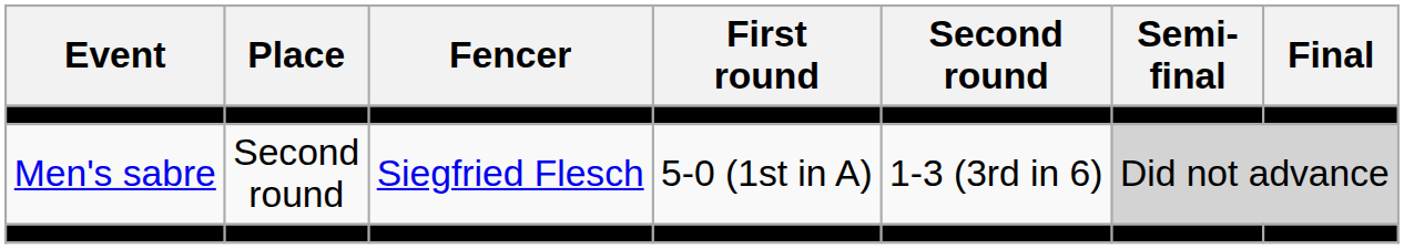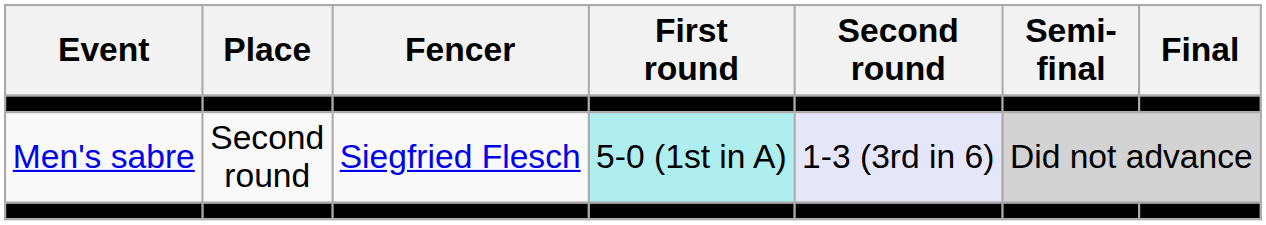 <table class=wikitable>
 <tr>
 <th>Event</th>
 <th>Place</th>
 <th>Fencer</th>
 <th>First <br> round</th>
 <th>Second <br> round</th>
 <th>Semi-<br>final</th>
 <th>Final</th>
 </tr>
 <tr bgcolor=black>
 <td></td>
 <td></td>
 <td></td>
 <td></td>
 <td></td>
 <td></td>
 <td></td>
 </tr>
 <tr align=center>
 <td align=left><a href='#'>Men's sabre</a></td>
 <td>Second <br> round</td>
 <td align=left><a href='#'>Siegfried Flesch</a></td>
-<td>5-0 (1st in A)</td>
-<td>1-3 (3rd in 6)</td>
+<td style="background: paleturquoise;">5-0 (1st in A)</td>
+<td style="background: lavender;">1-3 (3rd in 6)</td>
 <td colspan=2 bgcolor=lightgray>Did not advance</td>
 </tr>
 <tr bgcolor=black>
 <td></td>
 <td></td>
 <td></td>
 <td></td>
 <td></td>
 <td></td>
 <td></td>
 </tr>
 </table>
